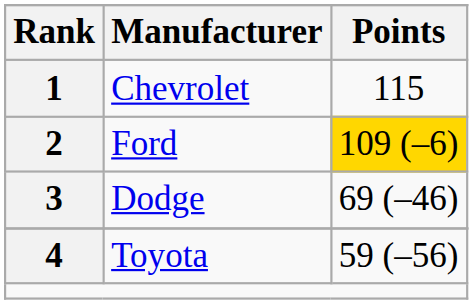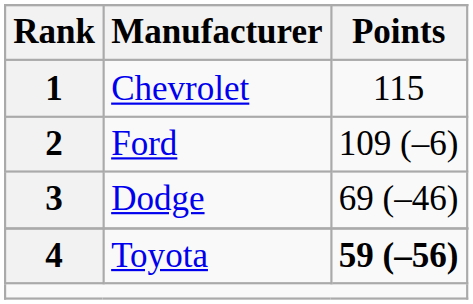 <table class="wikitable">
 <tr>
 </tr>
 <tr>
 <th scope="col">Rank</th>
 <th scope="col">Manufacturer</th>
 <th scope="col">Points</th>
 </tr>
 <tr>
 <th scope="row">1</th>
 <td><a href='#'>Chevrolet</a></td>
 <td style="text-align:center;">115</td>
 </tr>
 <tr>
 <th scope="row">2</th>
 <td><a href='#'>Ford</a></td>
-<td style="background: gold; text-align:center;">109 (–6)</td>
+<td style="text-align:center;">109 (–6)</td>
 </tr>
 <tr>
 <th scope="row">3</th>
 <td><a href='#'>Dodge</a></td>
 <td style="text-align:center;">69 (–46)</td>
 </tr>
 <tr class="sortbottom">
 </tr>
 <tr>
 <th scope="row">4</th>
 <td><a href='#'>Toyota</a></td>
-<td style="text-align:center;">59 (–56)</td>
+<td style="text-align:center;"><strong>59 (–56)</strong></td>
 </tr>
 <tr class="sortbottom">
 <td colspan="9"></td>
 </tr>
 </table>
